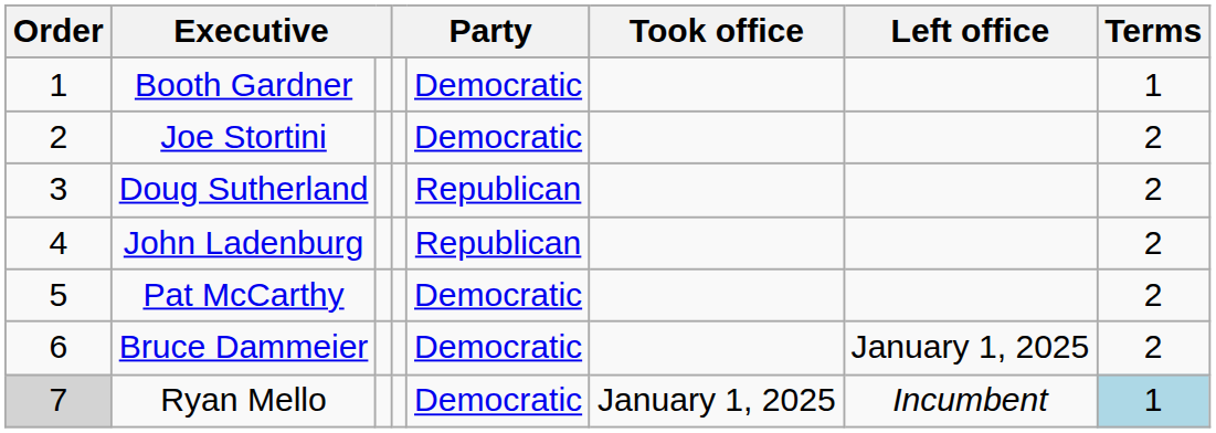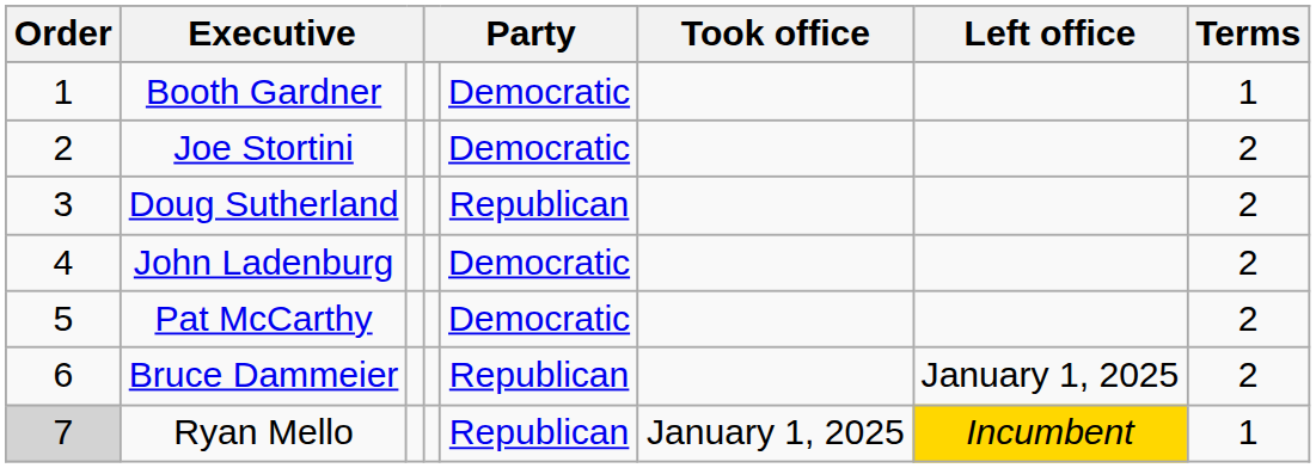 <table class="wikitable sortable" style="text-align:center">
 <tr style="background:#cccccc">
 <th>Order</th>
 <th colspan="2">Executive</th>
 <th colspan="2">Party</th>
 <th>Took office</th>
 <th>Left office</th>
 <th>Terms</th>
 </tr>
 <tr>
 <td>1</td>
 <td><a href='#'>Booth Gardner</a></td>
 <td></td>
 <td style="background: "></td>
 <td><a href='#'>Democratic</a></td>
 <td></td>
 <td></td>
 <td>1</td>
 </tr>
 <tr>
 <td>2</td>
 <td><a href='#'>Joe Stortini</a></td>
 <td></td>
 <td style="background: "></td>
 <td><a href='#'>Democratic</a></td>
 <td></td>
 <td></td>
 <td>2</td>
 </tr>
 <tr>
 <td>3</td>
 <td><a href='#'>Doug Sutherland</a></td>
 <td></td>
 <td style="background: "></td>
 <td><a href='#'>Republican</a></td>
 <td></td>
 <td></td>
 <td>2</td>
 </tr>
 <tr>
 <td>4</td>
 <td><a href='#'>John Ladenburg</a></td>
 <td></td>
 <td style="background: "></td>
-<td><a href='#'>Republican</a></td>
+<td><a href='#'>Democratic</a></td>
 <td></td>
 <td></td>
 <td>2</td>
 </tr>
 <tr>
 <td>5</td>
 <td><a href='#'>Pat McCarthy</a></td>
 <td></td>
 <td style="background: "></td>
 <td><a href='#'>Democratic</a></td>
 <td></td>
 <td></td>
 <td>2</td>
 </tr>
 <tr>
 <td>6</td>
 <td><a href='#'>Bruce Dammeier</a></td>
 <td></td>
 <td style="background: "></td>
-<td><a href='#'>Democratic</a></td>
+<td><a href='#'>Republican</a></td>
 <td></td>
 <td>January 1, 2025</td>
 <td>2</td>
 </tr>
 <tr>
 <td style="background: lightgrey;">7</td>
 <td>Ryan Mello</td>
 <td></td>
 <td style="background: "></td>
-<td><a href='#'>Democratic</a></td>
+<td><a href='#'>Republican</a></td>
 <td>January 1, 2025</td>
-<td><em>Incumbent</em></td>
-<td style="background: lightblue;">1</td>
+<td style="background: gold;"><em>Incumbent</em></td>
+<td>1</td>
 </tr>
 </table>
